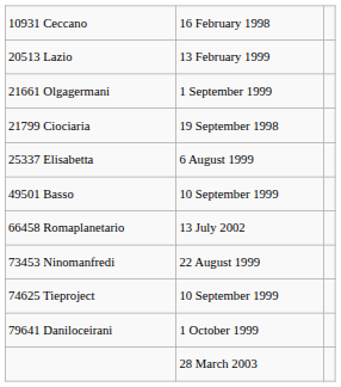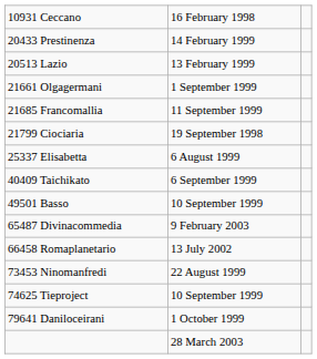 <table class="wikitable" style="font-size: 89%; float: left; width: 26em; margin-right: 1em; height: 420px;">
 <tr>
 <td>10931 Ceccano</td>
 <td>16 February 1998</td>
+<td></td>
+</tr>
+<tr>
+<td>20433 Prestinenza</td>
+<td>14 February 1999</td>
 <td></td>
 </tr>
 <tr>
 <td>20513 Lazio</td>
 <td>13 February 1999</td>
 <td> </td>
 </tr>
 <tr>
 <td>21661 Olgagermani</td>
 <td>1 September 1999</td>
 <td></td>
 </tr>
 <tr>
+<td>21685 Francomallia</td>
+<td>11 September 1999</td>
+<td></td>
+</tr>
+<tr>
 <td>21799 Ciociaria</td>
 <td>19 September 1998</td>
 <td> </td>
 </tr>
 <tr>
 <td>25337 Elisabetta</td>
 <td>6 August 1999</td>
 <td></td>
 </tr>
 <tr>
+<td>40409 Taichikato</td>
+<td>6 September 1999</td>
+<td></td>
+</tr>
+<tr>
 <td>49501 Basso</td>
 <td>10 September 1999</td>
 <td></td>
+</tr>
+<tr>
+<td>65487 Divinacommedia</td>
+<td>9 February 2003</td>
+<td> </td>
 </tr>
 <tr>
 <td>66458 Romaplanetario</td>
 <td>13 July 2002</td>
 <td></td>
 </tr>
 <tr>
 <td>73453 Ninomanfredi</td>
 <td>22 August 1999</td>
 <td> </td>
 </tr>
 <tr>
 <td>74625 Tieproject</td>
 <td>10 September 1999</td>
 <td> </td>
 </tr>
 <tr>
 <td>79641 Daniloceirani</td>
 <td>1 October 1999</td>
 <td> </td>
 </tr>
 <tr>
 <td></td>
 <td>28 March 2003</td>
 <td></td>
 </tr>
 </table>
